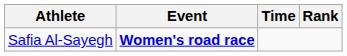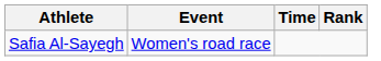 <table class=wikitable style=font-size:95%;text-align:center>
 <tr>
 <th>Athlete</th>
 <th>Event</th>
 <th>Time</th>
 <th>Rank</th>
 </tr>
 <tr align=center>
 <td align=left><a href='#'>Safia Al-Sayegh</a></td>
-<td align=left><strong><a href='#'>Women's road race</a></strong></td>
+<td align=left><a href='#'>Women's road race</a></td>
 <td colspan=2></td>
 </tr>
 </table>
